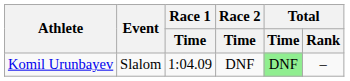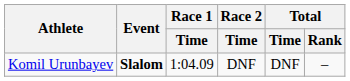 <table class="wikitable" style="font-size:90%">
 <tr>
 <th rowspan="2">Athlete</th>
 <th rowspan="2">Event</th>
 <th>Race 1</th>
 <th>Race 2</th>
 <th colspan="2">Total</th>
 </tr>
 <tr>
 <th>Time</th>
 <th>Time</th>
 <th>Time</th>
 <th>Rank</th>
 </tr>
 <tr>
 <td><a href='#'>Komil Urunbayev</a></td>
-<td>Slalom</td>
+<td><strong>Slalom</strong></td>
 <td align="center">1:04.09</td>
 <td align="center">DNF</td>
-<td align="center" style="background: lightgreen;">DNF</td>
+<td align="center">DNF</td>
 <td align="center">–</td>
 </tr>
 </table>
